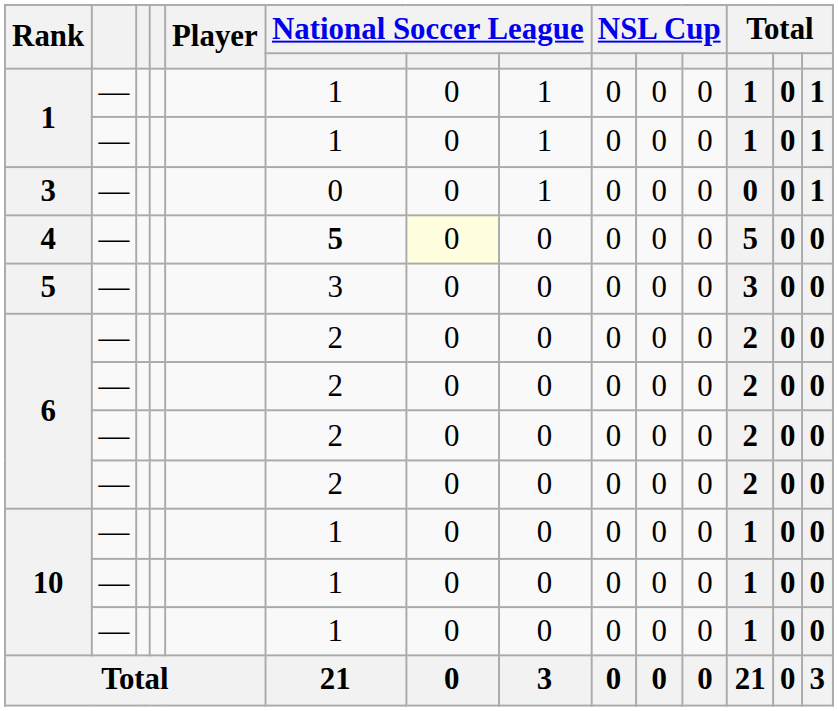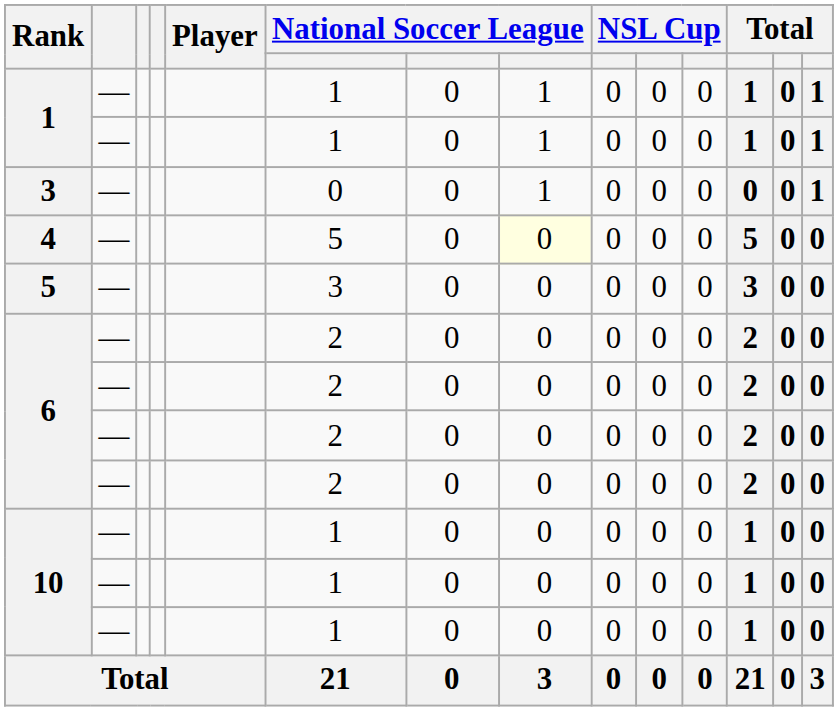 <table class="wikitable sortable" style="text-align:center">
 <tr>
 <th rowspan="2">Rank</th>
 <th rowspan="2"></th>
 <th rowspan="2"></th>
 <th rowspan="2"></th>
 <th rowspan="2">Player</th>
 <th colspan="3"><a href='#'>National Soccer League</a></th>
 <th colspan="3"><a href='#'>NSL Cup</a></th>
 <th colspan="3">Total</th>
 </tr>
 <tr>
 <th></th>
 <th></th>
 <th></th>
 <th></th>
 <th></th>
 <th></th>
 <th></th>
 <th></th>
 <th></th>
 </tr>
 <tr>
 <th rowspan="2">1</th>
 <td>—</td>
 <td></td>
 <td></td>
 <td align="left"><br></td>
 <td>1</td>
 <td>0</td>
 <td>1<br></td>
 <td>0</td>
 <td>0</td>
 <td>0<br></td>
 <th>1</th>
 <th>0</th>
 <th>1</th>
 </tr>
 <tr>
 <td>—</td>
 <td></td>
 <td></td>
 <td align="left"><br></td>
 <td>1</td>
 <td>0</td>
 <td>1<br></td>
 <td>0</td>
 <td>0</td>
 <td>0<br></td>
 <th>1</th>
 <th>0</th>
 <th>1</th>
 </tr>
 <tr>
 <th>3</th>
 <td>—</td>
 <td></td>
 <td></td>
 <td align="left"><br></td>
 <td>0</td>
 <td>0</td>
 <td>1<br></td>
 <td>0</td>
 <td>0</td>
 <td>0<br></td>
 <th>0</th>
 <th>0</th>
 <th>1</th>
 </tr>
 <tr>
 <th>4</th>
 <td>—</td>
 <td></td>
 <td></td>
 <td align="left"><br></td>
-<td><strong>5</strong></td>
-<td style="background: lightyellow;">0</td>
-<td>0<br></td>
+<td>5</td>
+<td>0</td>
+<td style="background: lightyellow;">0<br></td>
 <td>0</td>
 <td>0</td>
 <td>0<br></td>
 <th>5</th>
 <th>0</th>
 <th>0</th>
 </tr>
 <tr>
 <th>5</th>
 <td>—</td>
 <td></td>
 <td></td>
 <td align="left"><br></td>
 <td>3</td>
 <td>0</td>
 <td>0<br></td>
 <td>0</td>
 <td>0</td>
 <td>0<br></td>
 <th>3</th>
 <th>0</th>
 <th>0</th>
 </tr>
 <tr>
 <th rowspan="4">6</th>
 <td>—</td>
 <td></td>
 <td></td>
 <td align="left"><br></td>
 <td>2</td>
 <td>0</td>
 <td>0<br></td>
 <td>0</td>
 <td>0</td>
 <td>0<br></td>
 <th>2</th>
 <th>0</th>
 <th>0</th>
 </tr>
 <tr>
 <td>—</td>
 <td></td>
 <td></td>
 <td align="left"><br></td>
 <td>2</td>
 <td>0</td>
 <td>0<br></td>
 <td>0</td>
 <td>0</td>
 <td>0<br></td>
 <th>2</th>
 <th>0</th>
 <th>0</th>
 </tr>
 <tr>
 <td>—</td>
 <td></td>
 <td></td>
 <td align="left"><br></td>
 <td>2</td>
 <td>0</td>
 <td>0<br></td>
 <td>0</td>
 <td>0</td>
 <td>0<br></td>
 <th>2</th>
 <th>0</th>
 <th>0</th>
 </tr>
 <tr>
 <td>—</td>
 <td></td>
 <td></td>
 <td align="left"><br></td>
 <td>2</td>
 <td>0</td>
 <td>0<br></td>
 <td>0</td>
 <td>0</td>
 <td>0<br></td>
 <th>2</th>
 <th>0</th>
 <th>0</th>
 </tr>
 <tr>
 <th rowspan="3">10</th>
 <td>—</td>
 <td></td>
 <td></td>
 <td align="left"><br></td>
 <td>1</td>
 <td>0</td>
 <td>0<br></td>
 <td>0</td>
 <td>0</td>
 <td>0<br></td>
 <th>1</th>
 <th>0</th>
 <th>0</th>
 </tr>
 <tr>
 <td>—</td>
 <td></td>
 <td></td>
 <td align="left"><br></td>
 <td>1</td>
 <td>0</td>
 <td>0<br></td>
 <td>0</td>
 <td>0</td>
 <td>0<br></td>
 <th>1</th>
 <th>0</th>
 <th>0</th>
 </tr>
 <tr>
 <td>—</td>
 <td></td>
 <td></td>
 <td align="left"><br></td>
 <td>1</td>
 <td>0</td>
 <td>0<br></td>
 <td>0</td>
 <td>0</td>
 <td>0<br></td>
 <th>1</th>
 <th>0</th>
 <th>0</th>
 </tr>
 <tr>
 <th colspan="5">Total<br></th>
 <th>21</th>
 <th>0</th>
 <th>3<br></th>
 <th>0</th>
 <th>0</th>
 <th>0<br></th>
 <th>21</th>
 <th>0</th>
 <th>3</th>
 </tr>
 </table>
